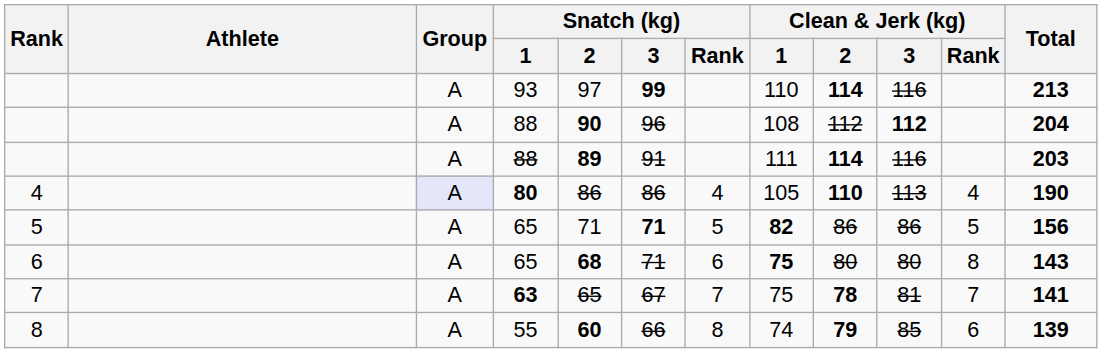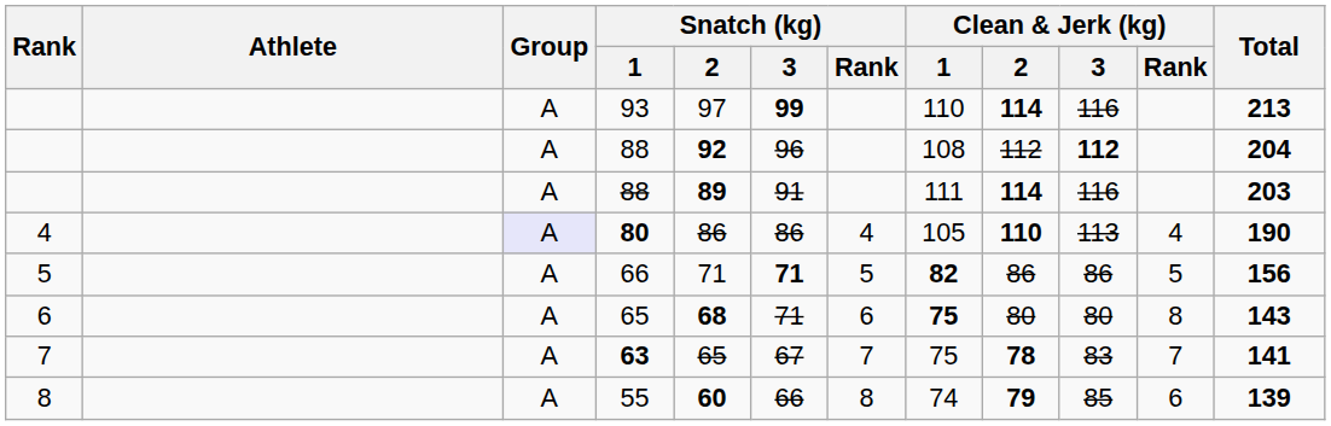 <table class = "wikitable" style="text-align:center;">
 <tr>
 <th rowspan=2 width=40>Rank</th>
 <th rowspan=2 width=250>Athlete</th>
 <th rowspan=2 width=50>Group</th>
 <th colspan=4>Snatch (kg)</th>
 <th colspan=4>Clean & Jerk (kg)</th>
 <th rowspan=2 width=60>Total</th>
 </tr>
 <tr>
 <th width=40>1</th>
 <th width=40>2</th>
 <th width=40>3</th>
 <th width=40>Rank</th>
 <th width=40>1</th>
 <th width=40>2</th>
 <th width=40>3</th>
 <th width=40>Rank</th>
 </tr>
 <tr>
 <td></td>
 <td align=left></td>
 <td>A</td>
 <td>93</td>
 <td>97</td>
 <td><strong>99</strong></td>
 <td></td>
 <td>110</td>
 <td><strong>114</strong></td>
 <td><s>116</s></td>
 <td></td>
 <td><strong>213</strong></td>
 </tr>
 <tr>
 <td></td>
 <td align=left></td>
 <td>A</td>
 <td>88</td>
-<td><strong>90</strong></td>
+<td><strong>92</strong></td>
 <td><s>96</s></td>
 <td></td>
 <td>108</td>
 <td><s>112</s></td>
 <td><strong>112</strong></td>
 <td></td>
 <td><strong>204</strong></td>
 </tr>
 <tr>
 <td></td>
 <td align=left></td>
 <td>A</td>
 <td><s>88</s></td>
 <td><strong>89</strong></td>
 <td><s>91</s></td>
 <td></td>
 <td>111</td>
 <td><strong>114</strong></td>
 <td><s>116</s></td>
 <td></td>
 <td><strong>203</strong></td>
 </tr>
 <tr>
 <td>4</td>
 <td align=left></td>
 <td style="background: lavender;">A</td>
 <td><strong>80</strong></td>
 <td><s>86</s></td>
 <td><s>86</s></td>
 <td>4</td>
 <td>105</td>
 <td><strong>110</strong></td>
 <td><s>113</s></td>
 <td>4</td>
 <td><strong>190</strong></td>
 </tr>
 <tr>
 <td>5</td>
 <td align=left></td>
 <td>A</td>
-<td>65</td>
+<td>66</td>
 <td>71</td>
 <td><strong>71</strong></td>
 <td>5</td>
 <td><strong>82</strong></td>
 <td><s>86</s></td>
 <td><s>86</s></td>
 <td>5</td>
 <td><strong>156</strong></td>
 </tr>
 <tr>
 <td>6</td>
 <td align=left></td>
 <td>A</td>
 <td>65</td>
 <td><strong>68</strong></td>
 <td><s>71</s></td>
 <td>6</td>
 <td><strong>75</strong></td>
 <td><s>80</s></td>
 <td><s>80</s></td>
 <td>8</td>
 <td><strong>143</strong></td>
 </tr>
 <tr>
 <td>7</td>
 <td align=left></td>
 <td>A</td>
 <td><strong>63</strong></td>
 <td><s>65</s></td>
 <td><s>67</s></td>
 <td>7</td>
 <td>75</td>
 <td><strong>78</strong></td>
-<td><s>81</s></td>
+<td><s>83</s></td>
 <td>7</td>
 <td><strong>141</strong></td>
 </tr>
 <tr>
 <td>8</td>
 <td align=left></td>
 <td>A</td>
 <td>55</td>
 <td><strong>60</strong></td>
 <td><s>66</s></td>
 <td>8</td>
 <td>74</td>
 <td><strong>79</strong></td>
 <td><s>85</s></td>
 <td>6</td>
 <td><strong>139</strong></td>
 </tr>
 </table>
